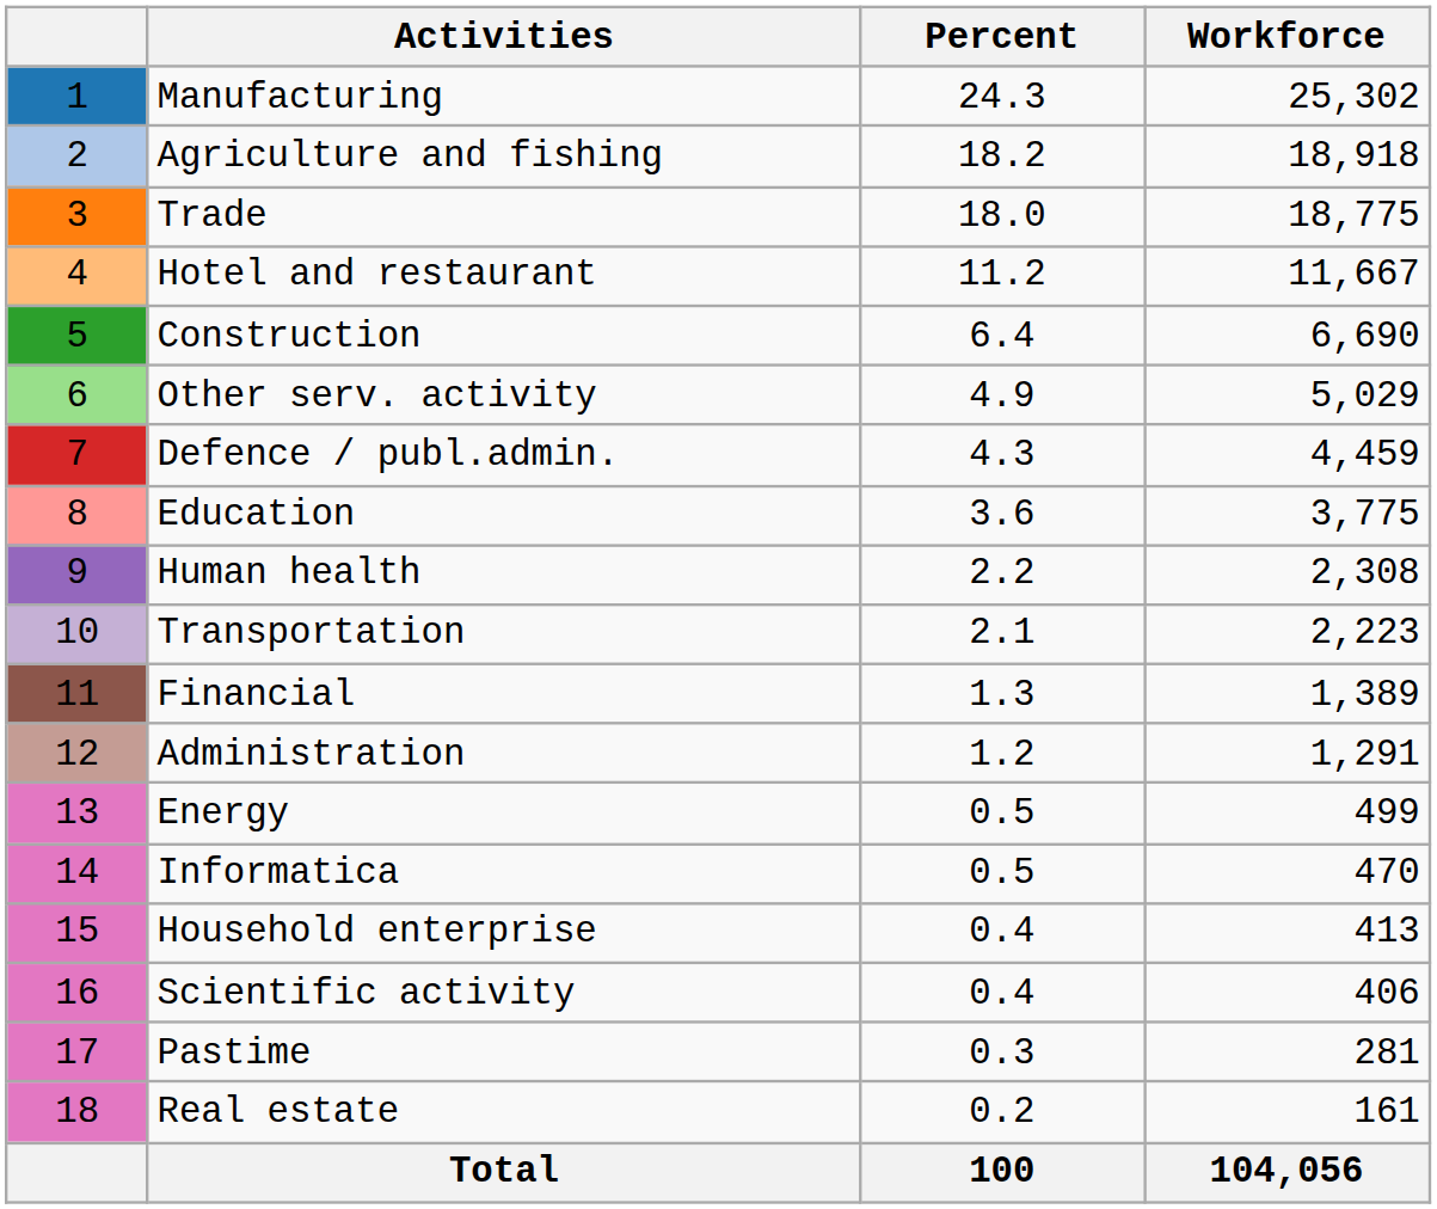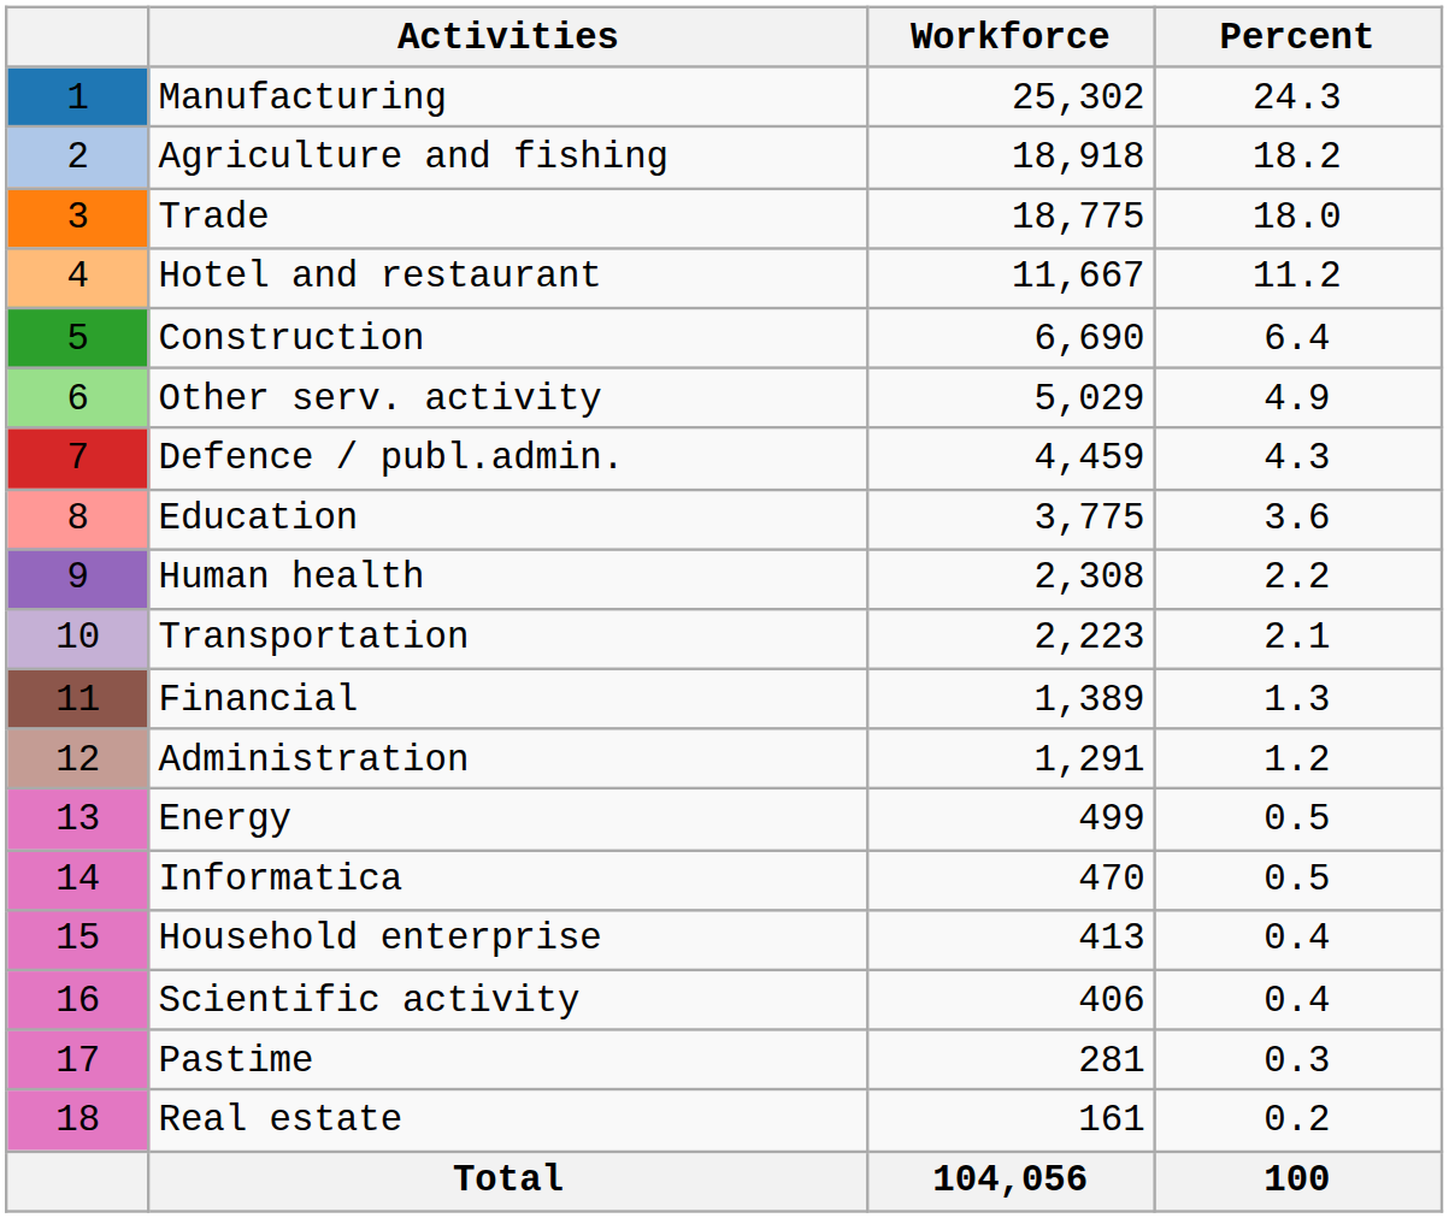 <table class="wikitable" style="width:40%; display:inline-table;">
 <tr>
 <th style="width:10%;"> </th>
 <th style="width:50%;">Activities</th>
+<th style="width:20%;">Workforce</th>
 <th style="width:20%;">Percent</th>
-<th style="width:20%;">Workforce</th>
 </tr>
 <tr>
 <td style="text-align:center; background:#1f77b4;">1</td>
 <td>Manufacturing</td>
+<td style="text-align:right;">25,302</td>
 <td style="text-align:center;">24.3</td>
-<td style="text-align:right;">25,302</td>
 </tr>
 <tr>
 <td style="text-align:center; background:#aec7e8;">2</td>
 <td>Agriculture and fishing</td>
+<td style="text-align:right;">18,918</td>
 <td style="text-align:center;">18.2</td>
-<td style="text-align:right;">18,918</td>
 </tr>
 <tr>
 <td style="text-align:center; background:#ff7f0e;">3</td>
 <td>Trade</td>
+<td style="text-align:right;">18,775</td>
 <td style="text-align:center;">18.0</td>
-<td style="text-align:right;">18,775</td>
 </tr>
 <tr>
 <td style="text-align:center; background:#ffbb78;">4</td>
 <td>Hotel and restaurant</td>
+<td style="text-align:right;">11,667</td>
 <td style="text-align:center;">11.2</td>
-<td style="text-align:right;">11,667</td>
 </tr>
 <tr>
 <td style="text-align:center; background:#2ca02c;">5</td>
 <td>Construction</td>
+<td style="text-align:right;">6,690</td>
 <td style="text-align:center;">6.4</td>
-<td style="text-align:right;">6,690</td>
 </tr>
 <tr>
 <td style="text-align:center; background:#98df8a;">6</td>
 <td>Other serv. activity</td>
+<td style="text-align:right;">5,029</td>
 <td style="text-align:center;">4.9</td>
-<td style="text-align:right;">5,029</td>
 </tr>
 <tr>
 <td style="text-align:center; background:#d62728;">7</td>
 <td>Defence / publ.admin.</td>
+<td style="text-align:right;">4,459</td>
 <td style="text-align:center;">4.3</td>
-<td style="text-align:right;">4,459</td>
 </tr>
 <tr>
 <td style="text-align:center; background:#ff9896;">8</td>
 <td>Education</td>
+<td style="text-align:right;">3,775</td>
 <td style="text-align:center;">3.6</td>
-<td style="text-align:right;">3,775</td>
 </tr>
 <tr>
 <td style="text-align:center; background:#9467bd;">9</td>
 <td>Human health</td>
+<td style="text-align:right;">2,308</td>
 <td style="text-align:center;">2.2</td>
-<td style="text-align:right;">2,308</td>
 </tr>
 <tr>
 <td style="text-align:center; background:#c5b0d5;">10</td>
 <td>Transportation</td>
+<td style="text-align:right;">2,223</td>
 <td style="text-align:center;">2.1</td>
-<td style="text-align:right;">2,223</td>
 </tr>
 <tr>
 <td style="text-align:center; background:#8c564b;">11</td>
 <td>Financial</td>
+<td style="text-align:right;">1,389</td>
 <td style="text-align:center;">1.3</td>
-<td style="text-align:right;">1,389</td>
 </tr>
 <tr>
 <td style="text-align:center; background:#c49c94;">12</td>
 <td>Administration</td>
+<td style="text-align:right;">1,291</td>
 <td style="text-align:center;">1.2</td>
-<td style="text-align:right;">1,291</td>
 </tr>
 <tr>
 <td style="text-align:center; background:#e377c2;">13</td>
 <td>Energy</td>
+<td style="text-align:right;">499</td>
 <td style="text-align:center;">0.5</td>
-<td style="text-align:right;">499</td>
 </tr>
 <tr>
 <td style="text-align:center; background:#e377c2;">14</td>
 <td>Informatica</td>
+<td style="text-align:right;">470</td>
 <td style="text-align:center;">0.5</td>
-<td style="text-align:right;">470</td>
 </tr>
 <tr>
 <td style="text-align:center; background:#e377c2;">15</td>
 <td>Household enterprise</td>
+<td style="text-align:right;">413</td>
 <td style="text-align:center;">0.4</td>
-<td style="text-align:right;">413</td>
 </tr>
 <tr>
 <td style="text-align:center; background:#e377c2;">16</td>
 <td>Scientific activity</td>
+<td style="text-align:right;">406</td>
 <td style="text-align:center;">0.4</td>
-<td style="text-align:right;">406</td>
 </tr>
 <tr>
 <td style="text-align:center; background:#e377c2;">17</td>
 <td>Pastime</td>
+<td style="text-align:right;">281</td>
 <td style="text-align:center;">0.3</td>
-<td style="text-align:right;">281</td>
 </tr>
 <tr>
 <td style="text-align:center; background:#e377c2;">18</td>
 <td>Real estate</td>
+<td style="text-align:right;">161</td>
 <td style="text-align:center;">0.2</td>
-<td style="text-align:right;">161</td>
 </tr>
 <tr>
 <th> </th>
 <th>Total</th>
+<th>104,056</th>
 <th>100</th>
-<th>104,056</th>
 </tr>
 </table>
